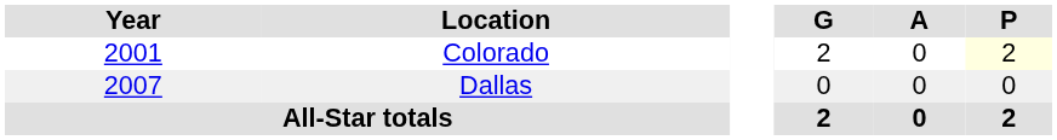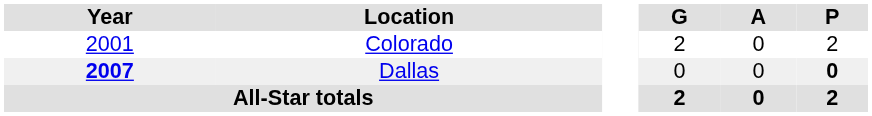 <table border="0" cellpadding="1" cellspacing="0" style="text-align:center; width:40em">
 <tr ALIGN="center" bgcolor="#e0e0e0">
 <th>Year</th>
 <th>Location</th>
 <th ALIGN="center" rowspan="99" bgcolor="#ffffff"> </th>
 <th>G</th>
 <th>A</th>
 <th>P</th>
 </tr>
 <tr>
 <td><a href='#'>2001</a></td>
 <td><a href='#'>Colorado</a></td>
 <td>2</td>
 <td>0</td>
-<td style="background: lightyellow;">2</td>
+<td>2</td>
 </tr>
 <tr bgcolor="#f0f0f0">
-<td><a href='#'>2007</a></td>
+<td><strong><a href='#'>2007</a></strong></td>
 <td><a href='#'>Dallas</a></td>
 <td>0</td>
 <td>0</td>
-<td>0</td>
+<td><strong>0</strong></td>
 </tr>
 <tr bgcolor="#e0e0e0">
 <th colspan=2>All-Star totals</th>
 <th>2</th>
 <th>0</th>
 <th>2</th>
 </tr>
 </table>
